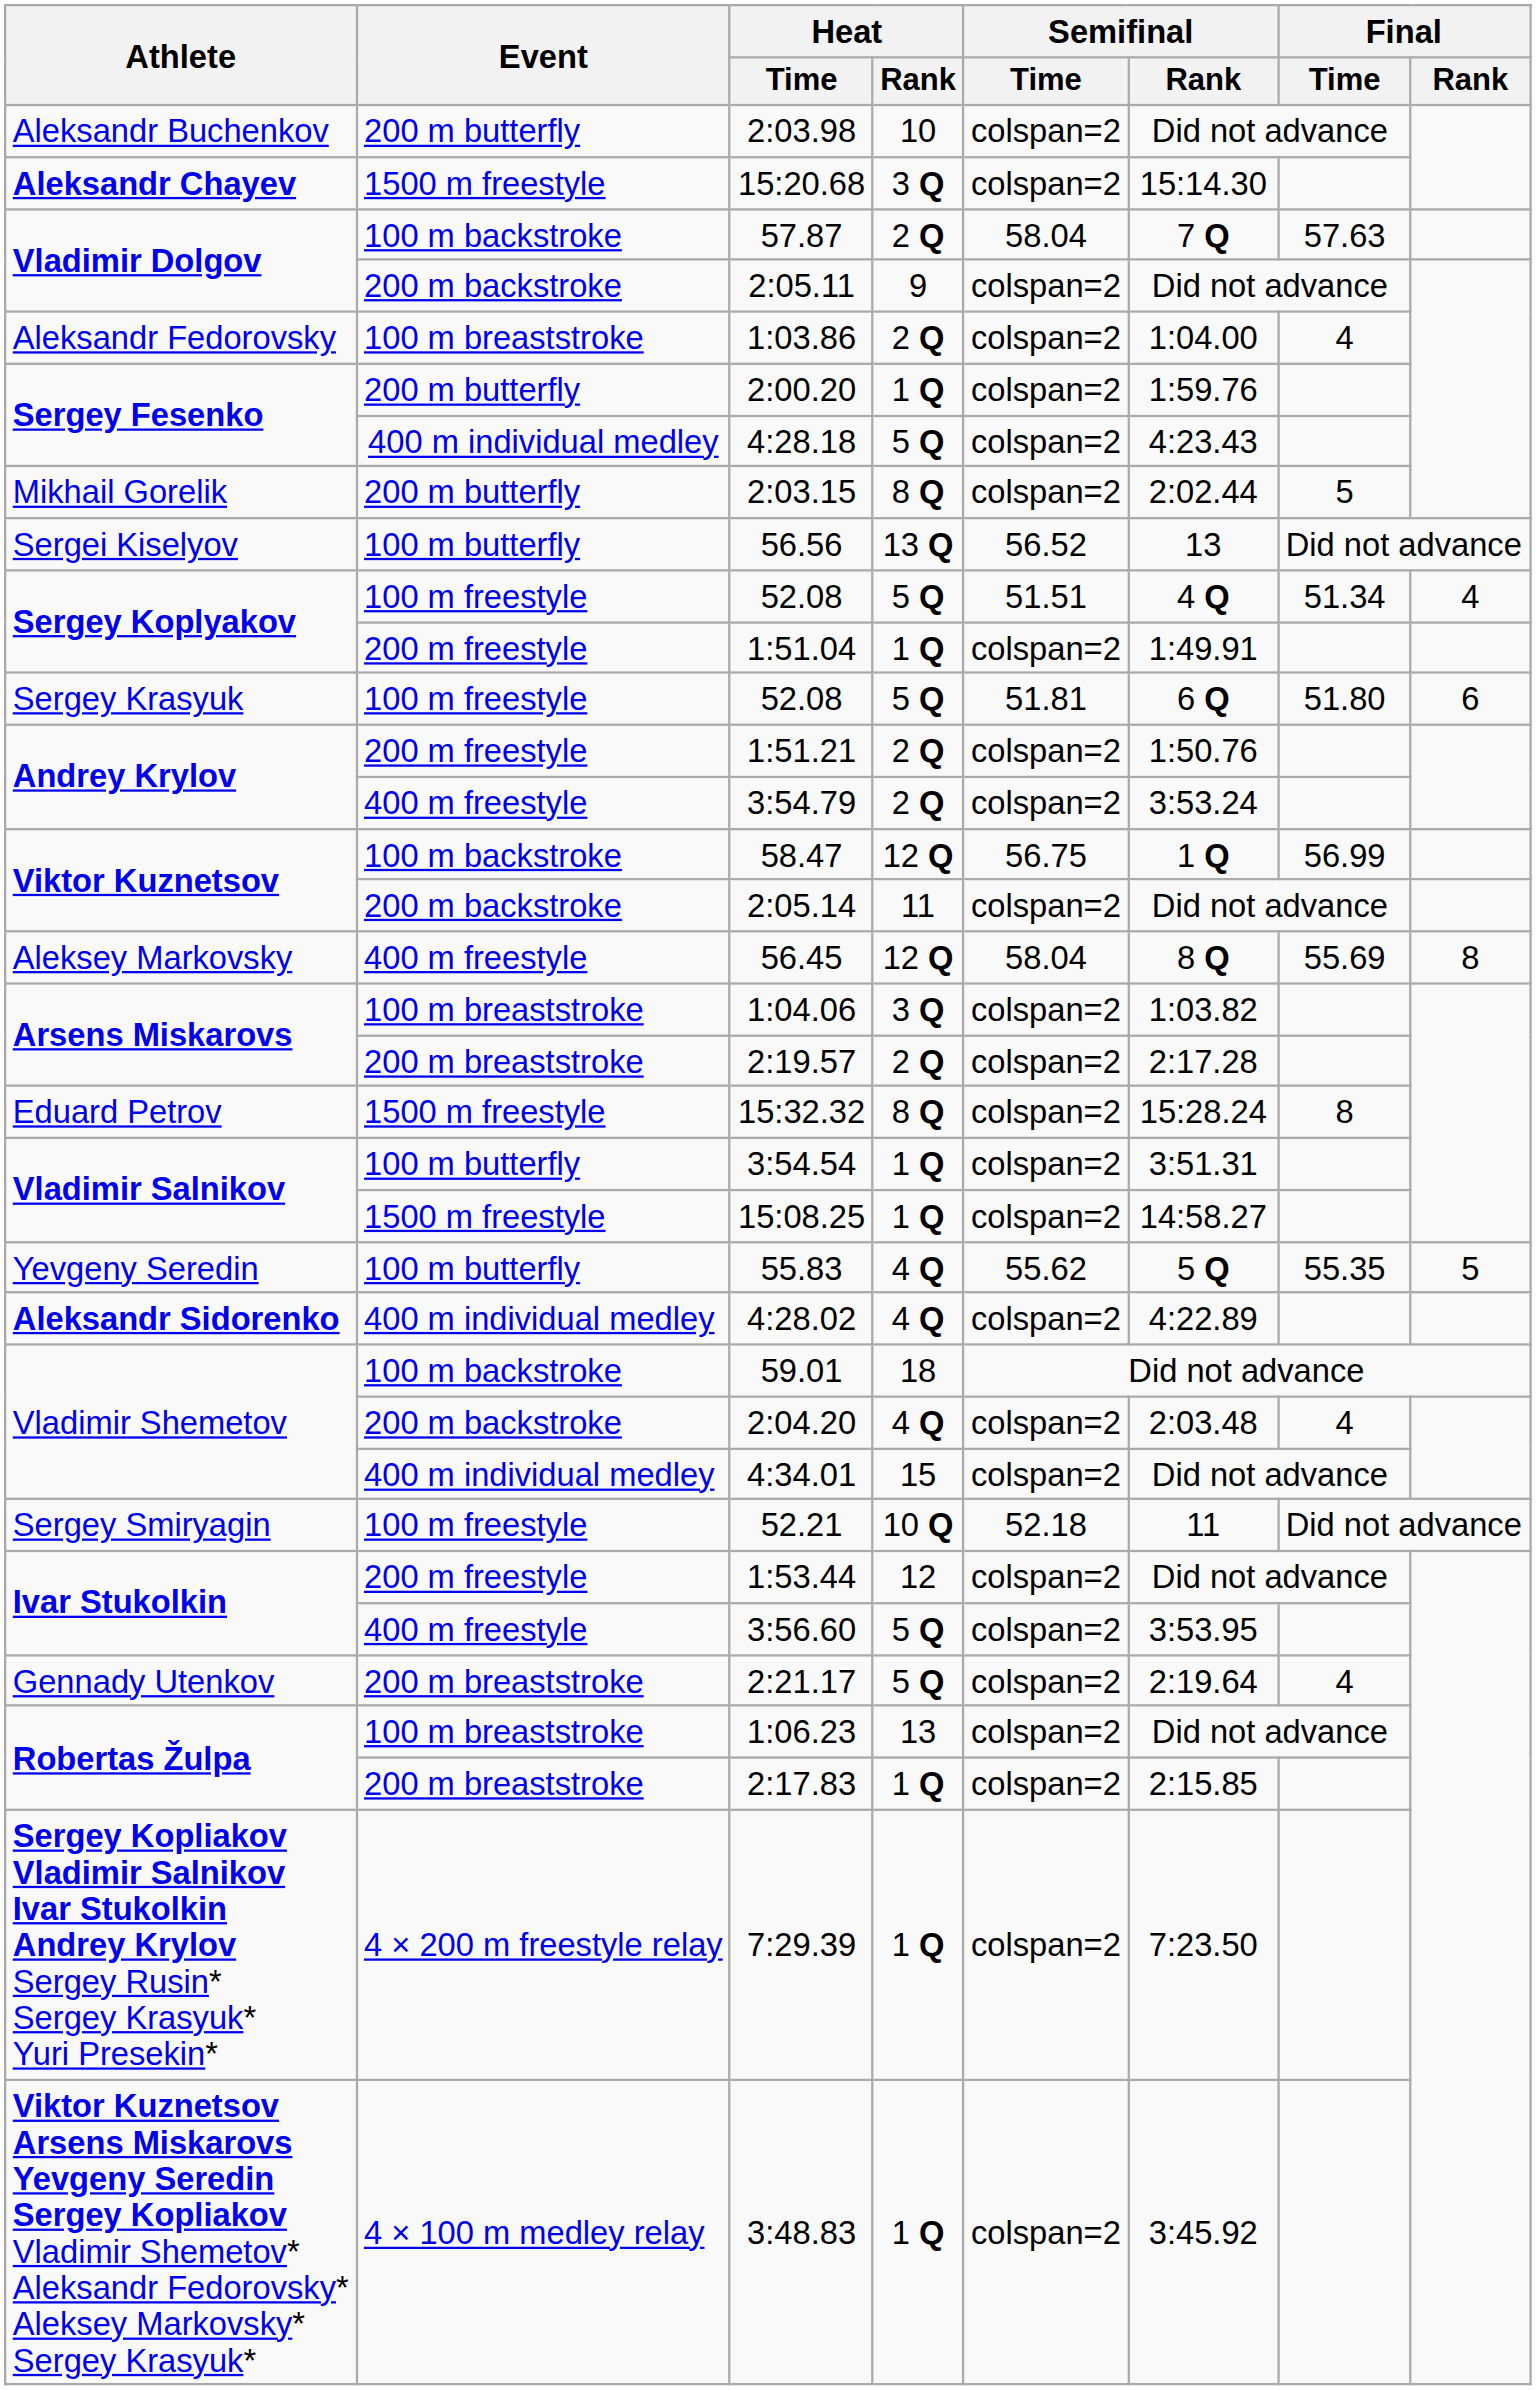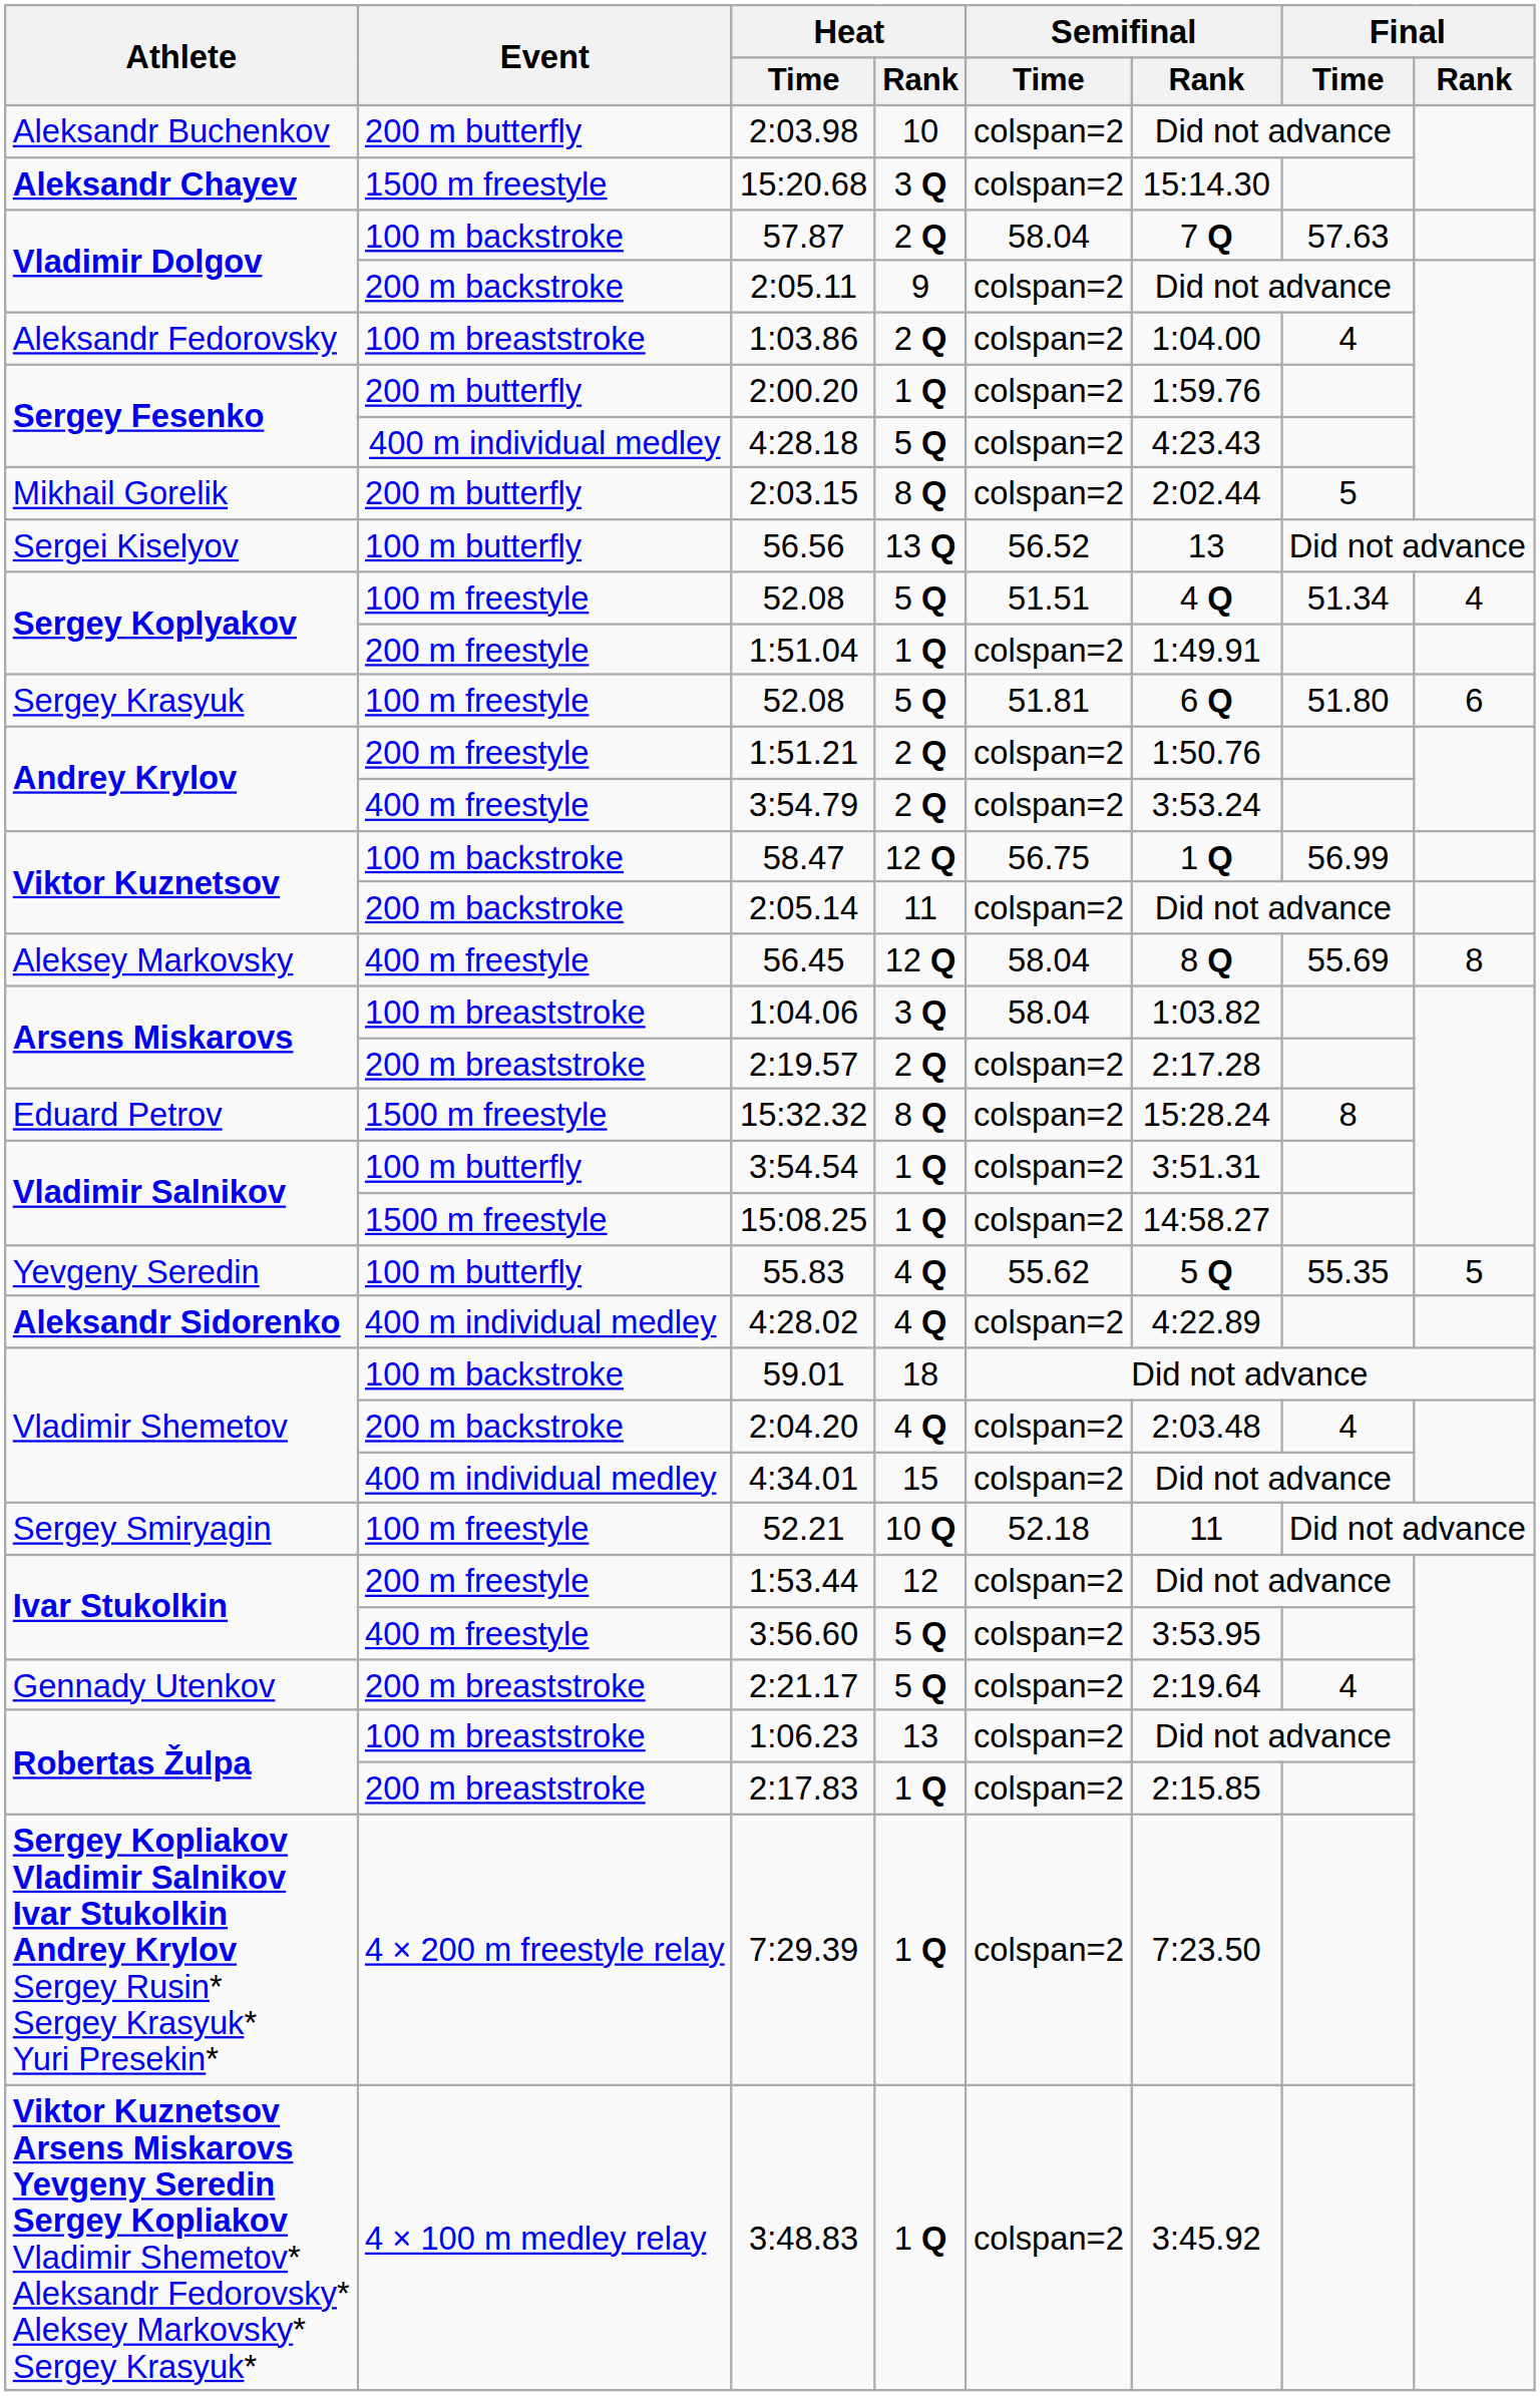 <table class=wikitable style="text-align:center;font-size:90%">
 <tr>
 <th rowspan=2>Athlete</th>
 <th rowspan=2>Event</th>
 <th colspan=2>Heat</th>
 <th colspan=2>Semifinal</th>
 <th colspan=2>Final</th>
 </tr>
 <tr style="font-size:95%">
 <th>Time</th>
 <th>Rank</th>
 <th>Time</th>
 <th>Rank</th>
 <th>Time</th>
 <th>Rank</th>
 </tr>
 <tr>
 <td align=left><a href='#'>Aleksandr Buchenkov</a></td>
 <td align=left><a href='#'>200 m butterfly</a></td>
 <td>2:03.98</td>
 <td>10</td>
 <td>colspan=2 </td>
 <td colspan=2>Did not advance</td>
 </tr>
 <tr>
 <td align=left><strong><a href='#'>Aleksandr Chayev</a></strong></td>
 <td align=left><a href='#'>1500 m freestyle</a></td>
 <td>15:20.68</td>
 <td>3 <strong>Q</strong></td>
 <td>colspan=2 </td>
 <td>15:14.30</td>
 <td></td>
 </tr>
 <tr>
 <td rowspan=2 align=left><strong><a href='#'>Vladimir Dolgov</a></strong></td>
 <td align=left><a href='#'>100 m backstroke</a></td>
 <td>57.87</td>
 <td>2 <strong>Q</strong></td>
 <td>58.04</td>
 <td>7 <strong>Q</strong></td>
 <td>57.63</td>
 <td></td>
 </tr>
 <tr>
 <td align=left><a href='#'>200 m backstroke</a></td>
 <td>2:05.11</td>
 <td>9</td>
 <td>colspan=2 </td>
 <td colspan=2>Did not advance</td>
 </tr>
 <tr>
 <td align=left><a href='#'>Aleksandr Fedorovsky</a></td>
 <td align=left><a href='#'>100 m breaststroke</a></td>
 <td>1:03.86</td>
 <td>2 <strong>Q</strong></td>
 <td>colspan=2 </td>
 <td>1:04.00</td>
 <td>4</td>
 </tr>
 <tr>
 <td rowspan=2 align=left><strong><a href='#'>Sergey Fesenko</a></strong></td>
 <td align=left><a href='#'>200 m butterfly</a></td>
 <td>2:00.20</td>
 <td>1 <strong>Q</strong></td>
 <td>colspan=2 </td>
 <td>1:59.76</td>
 <td></td>
 </tr>
 <tr>
 <td><a href='#'>400 m individual medley</a></td>
 <td>4:28.18</td>
 <td>5 <strong>Q</strong></td>
 <td>colspan=2 </td>
 <td>4:23.43</td>
 <td></td>
 </tr>
 <tr>
 <td align=left><a href='#'>Mikhail Gorelik</a></td>
 <td align=left><a href='#'>200 m butterfly</a></td>
 <td>2:03.15</td>
 <td>8 <strong>Q</strong></td>
 <td>colspan=2 </td>
 <td>2:02.44</td>
 <td>5</td>
 </tr>
 <tr>
 <td align=left><a href='#'>Sergei Kiselyov</a></td>
 <td align=left><a href='#'>100 m butterfly</a></td>
 <td>56.56</td>
 <td>13 <strong>Q</strong></td>
 <td>56.52</td>
 <td>13</td>
 <td colspan=2>Did not advance</td>
 </tr>
 <tr>
 <td align=left rowspan=2><strong><a href='#'>Sergey Koplyakov</a></strong></td>
 <td align=left><a href='#'>100 m freestyle</a></td>
 <td>52.08</td>
 <td>5 <strong>Q</strong></td>
 <td>51.51</td>
 <td>4 <strong>Q</strong></td>
 <td>51.34</td>
 <td>4</td>
 </tr>
 <tr>
 <td align=left><a href='#'>200 m freestyle</a></td>
 <td>1:51.04</td>
 <td>1 <strong>Q</strong></td>
 <td>colspan=2 </td>
 <td>1:49.91</td>
 <td></td>
 </tr>
 <tr>
 <td align=left><a href='#'>Sergey Krasyuk</a></td>
 <td align=left><a href='#'>100 m freestyle</a></td>
 <td>52.08</td>
 <td>5 <strong>Q</strong></td>
 <td>51.81</td>
 <td>6 <strong>Q</strong></td>
 <td>51.80</td>
 <td>6</td>
 </tr>
 <tr>
 <td rowspan=2 align=left><strong><a href='#'>Andrey Krylov</a></strong></td>
 <td align=left><a href='#'>200 m freestyle</a></td>
 <td>1:51.21</td>
 <td>2 <strong>Q</strong></td>
 <td>colspan=2 </td>
 <td>1:50.76</td>
 <td></td>
 </tr>
 <tr>
 <td align=left><a href='#'>400 m freestyle</a></td>
 <td>3:54.79</td>
 <td>2 <strong>Q</strong></td>
 <td>colspan=2 </td>
 <td>3:53.24</td>
 <td></td>
 </tr>
 <tr>
 <td rowspan=2 align=left><strong><a href='#'>Viktor Kuznetsov</a></strong></td>
 <td align=left><a href='#'>100 m backstroke</a></td>
 <td>58.47</td>
 <td>12 <strong>Q</strong></td>
 <td>56.75</td>
 <td>1 <strong>Q</strong></td>
 <td>56.99</td>
 <td></td>
 </tr>
 <tr>
 <td align=left><a href='#'>200 m backstroke</a></td>
 <td>2:05.14</td>
 <td>11</td>
 <td>colspan=2 </td>
 <td colspan=2>Did not advance</td>
 </tr>
 <tr>
 <td align=left><a href='#'>Aleksey Markovsky</a></td>
 <td align=left><a href='#'>400 m freestyle</a></td>
 <td>56.45</td>
 <td>12 <strong>Q</strong></td>
 <td>58.04</td>
 <td>8 <strong>Q</strong></td>
 <td>55.69</td>
 <td>8</td>
 </tr>
 <tr>
 <td rowspan=2 align=left><strong><a href='#'>Arsens Miskarovs</a></strong></td>
 <td align=left><a href='#'>100 m breaststroke</a></td>
 <td>1:04.06</td>
 <td>3 <strong>Q</strong></td>
-<td>colspan=2 </td>
+<td>58.04</td>
 <td>1:03.82</td>
 <td></td>
 </tr>
 <tr>
 <td align=left><a href='#'>200 m breaststroke</a></td>
 <td>2:19.57</td>
 <td>2 <strong>Q</strong></td>
 <td>colspan=2 </td>
 <td>2:17.28</td>
 <td></td>
 </tr>
 <tr>
 <td align=left><a href='#'>Eduard Petrov</a></td>
 <td align=left><a href='#'>1500 m freestyle</a></td>
 <td>15:32.32</td>
 <td>8 <strong>Q</strong></td>
 <td>colspan=2 </td>
 <td>15:28.24</td>
 <td>8</td>
 </tr>
 <tr>
 <td rowspan=2 align=left><strong><a href='#'>Vladimir Salnikov</a></strong></td>
 <td align=left><a href='#'>100 m butterfly</a></td>
 <td>3:54.54</td>
 <td>1 <strong>Q</strong></td>
 <td>colspan=2 </td>
 <td>3:51.31</td>
 <td></td>
 </tr>
 <tr>
 <td align=left><a href='#'>1500 m freestyle</a></td>
 <td>15:08.25</td>
 <td>1 <strong>Q</strong></td>
 <td>colspan=2 </td>
 <td>14:58.27</td>
 <td></td>
 </tr>
 <tr>
 <td align=left><a href='#'>Yevgeny Seredin</a></td>
 <td align=left><a href='#'>100 m butterfly</a></td>
 <td>55.83</td>
 <td>4 <strong>Q</strong></td>
 <td>55.62</td>
 <td>5 <strong>Q</strong></td>
 <td>55.35</td>
 <td>5</td>
 </tr>
 <tr>
 <td align=left><strong><a href='#'>Aleksandr Sidorenko</a></strong></td>
 <td align=left><a href='#'>400 m individual medley</a></td>
 <td>4:28.02</td>
 <td>4 <strong>Q</strong></td>
 <td>colspan=2 </td>
 <td>4:22.89</td>
 <td></td>
 </tr>
 <tr>
 <td rowspan=3 align=left><a href='#'>Vladimir Shemetov</a></td>
 <td align=left><a href='#'>100 m backstroke</a></td>
 <td>59.01</td>
 <td>18</td>
 <td colspan=4>Did not advance</td>
 </tr>
 <tr>
 <td align=left><a href='#'>200 m backstroke</a></td>
 <td>2:04.20</td>
 <td>4 <strong>Q</strong></td>
 <td>colspan=2 </td>
 <td>2:03.48</td>
 <td>4</td>
 </tr>
 <tr>
 <td align=left><a href='#'>400 m individual medley</a></td>
 <td>4:34.01</td>
 <td>15</td>
 <td>colspan=2 </td>
 <td colspan=2>Did not advance</td>
 </tr>
 <tr>
 <td align=left><a href='#'>Sergey Smiryagin</a></td>
 <td align=left><a href='#'>100 m freestyle</a></td>
 <td>52.21</td>
 <td>10 <strong>Q</strong></td>
 <td>52.18</td>
 <td>11</td>
 <td colspan=2>Did not advance</td>
 </tr>
 <tr>
 <td rowspan=2 align=left><strong><a href='#'>Ivar Stukolkin</a></strong></td>
 <td align=left><a href='#'>200 m freestyle</a></td>
 <td>1:53.44</td>
 <td>12</td>
 <td>colspan=2 </td>
 <td colspan=2>Did not advance</td>
 </tr>
 <tr>
 <td align=left><a href='#'>400 m freestyle</a></td>
 <td>3:56.60</td>
 <td>5 <strong>Q</strong></td>
 <td>colspan=2 </td>
 <td>3:53.95</td>
 <td></td>
 </tr>
 <tr>
 <td align=left><a href='#'>Gennady Utenkov</a></td>
 <td align=left><a href='#'>200 m breaststroke</a></td>
 <td>2:21.17</td>
 <td>5 <strong>Q</strong></td>
 <td>colspan=2 </td>
 <td>2:19.64</td>
 <td>4</td>
 </tr>
 <tr>
 <td rowspan=2 align=left><strong><a href='#'>Robertas Žulpa</a></strong></td>
 <td align=left><a href='#'>100 m breaststroke</a></td>
 <td>1:06.23</td>
 <td>13</td>
 <td>colspan=2 </td>
 <td colspan=2>Did not advance</td>
 </tr>
 <tr>
 <td align=left><a href='#'>200 m breaststroke</a></td>
 <td>2:17.83</td>
 <td>1 <strong>Q</strong></td>
 <td>colspan=2 </td>
 <td>2:15.85</td>
 <td></td>
 </tr>
 <tr>
 <td align=left><strong><a href='#'>Sergey Kopliakov</a><br><a href='#'>Vladimir Salnikov</a><br><a href='#'>Ivar Stukolkin</a><br><a href='#'>Andrey Krylov</a></strong><br><a href='#'>Sergey Rusin</a>*<br><a href='#'>Sergey Krasyuk</a>*<br><a href='#'>Yuri Presekin</a>*</td>
 <td align=left><a href='#'>4 × 200 m freestyle relay</a></td>
 <td>7:29.39</td>
 <td>1 <strong>Q</strong></td>
 <td>colspan=2 </td>
 <td>7:23.50</td>
 <td></td>
 </tr>
 <tr>
 <td align=left><strong><a href='#'>Viktor Kuznetsov</a><br><a href='#'>Arsens Miskarovs</a><br><a href='#'>Yevgeny Seredin</a><br><a href='#'>Sergey Kopliakov</a></strong><br><a href='#'>Vladimir Shemetov</a>*<br><a href='#'>Aleksandr Fedorovsky</a>*<br><a href='#'>Aleksey Markovsky</a>*<br><a href='#'>Sergey Krasyuk</a>*</td>
 <td align=left><a href='#'>4 × 100 m medley relay</a></td>
 <td>3:48.83</td>
 <td>1 <strong>Q</strong></td>
 <td>colspan=2 </td>
 <td>3:45.92</td>
 <td></td>
 </tr>
 </table>
